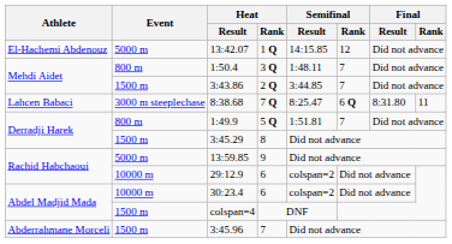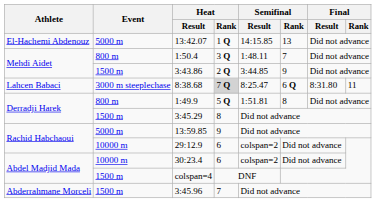 <table class="wikitable" style="font-size:90%">
 <tr>
 <th rowspan="2">Athlete</th>
 <th rowspan="2">Event</th>
 <th colspan="2">Heat</th>
 <th colspan="2">Semifinal</th>
 <th colspan="2">Final</th>
 </tr>
 <tr style="font-size:95%">
 <th>Result</th>
 <th>Rank</th>
 <th>Result</th>
 <th>Rank</th>
 <th>Result</th>
 <th>Rank</th>
 </tr>
 <tr align=left>
 <td align=left><a href='#'>El-Hachemi Abdenouz</a></td>
 <td><a href='#'>5000 m</a></td>
 <td>13:42.07</td>
 <td>1 <strong>Q</strong></td>
 <td>14:15.85</td>
-<td>12</td>
+<td>13</td>
 <td colspan=2>Did not advance</td>
 </tr>
 <tr align=left>
 <td align=left rowspan=2><a href='#'>Mehdi Aidet</a></td>
 <td><a href='#'>800 m</a></td>
 <td>1:50.4</td>
 <td>3 <strong>Q</strong></td>
 <td>1:48.11</td>
 <td>7</td>
 <td colspan=2>Did not advance</td>
 </tr>
 <tr align=left>
 <td><a href='#'>1500 m</a></td>
 <td>3:43.86</td>
 <td>2 <strong>Q</strong></td>
 <td>3:44.85</td>
-<td>7</td>
+<td>9</td>
 <td colspan=2>Did not advance</td>
 </tr>
 <tr align=left>
 <td align=left><a href='#'>Lahcen Babaci</a></td>
 <td align=left><a href='#'>3000 m steeplechase</a></td>
 <td>8:38.68</td>
-<td>7 <strong>Q</strong></td>
+<td style="background: lightgrey;">7 <strong>Q</strong></td>
 <td>8:25.47</td>
 <td>6 <strong>Q</strong></td>
 <td>8:31.80</td>
 <td>11</td>
 </tr>
 <tr align=left>
 <td align=left rowspan=2><a href='#'>Derradji Harek</a></td>
 <td><a href='#'>800 m</a></td>
 <td>1:49.9</td>
 <td>5 <strong>Q</strong></td>
 <td>1:51.81</td>
-<td>7</td>
+<td>8</td>
 <td colspan=2>Did not advance</td>
 </tr>
 <tr align=left>
 <td><a href='#'>1500 m</a></td>
 <td>3:45.29</td>
 <td>8</td>
 <td colspan=4>Did not advance</td>
 </tr>
 <tr align=left>
 <td align=left rowspan=2><a href='#'>Rachid Habchaoui</a></td>
 <td><a href='#'>5000 m</a></td>
 <td>13:59.85</td>
 <td>9</td>
 <td colspan=4>Did not advance</td>
 </tr>
 <tr align=left>
 <td><a href='#'>10000 m</a></td>
 <td>29:12.9</td>
 <td>6</td>
 <td>colspan=2 </td>
 <td colspan=2>Did not advance</td>
 </tr>
 <tr align=left>
 <td align=left rowspan=2><a href='#'>Abdel Madjid Mada</a></td>
 <td><a href='#'>10000 m</a></td>
 <td>30:23.4</td>
 <td>6</td>
 <td>colspan=2 </td>
 <td colspan=2>Did not advance</td>
 </tr>
 <tr align=left>
 <td><a href='#'>1500 m</a></td>
 <td>colspan=4 </td>
 <td colspan=2 align=center>DNF</td>
 </tr>
 <tr align=left>
 <td align=left><a href='#'>Abderrahmane Morceli</a></td>
 <td><a href='#'>1500 m</a></td>
 <td>3:45.96</td>
 <td>7</td>
 <td colspan=4>Did not advance</td>
 </tr>
 </table>
